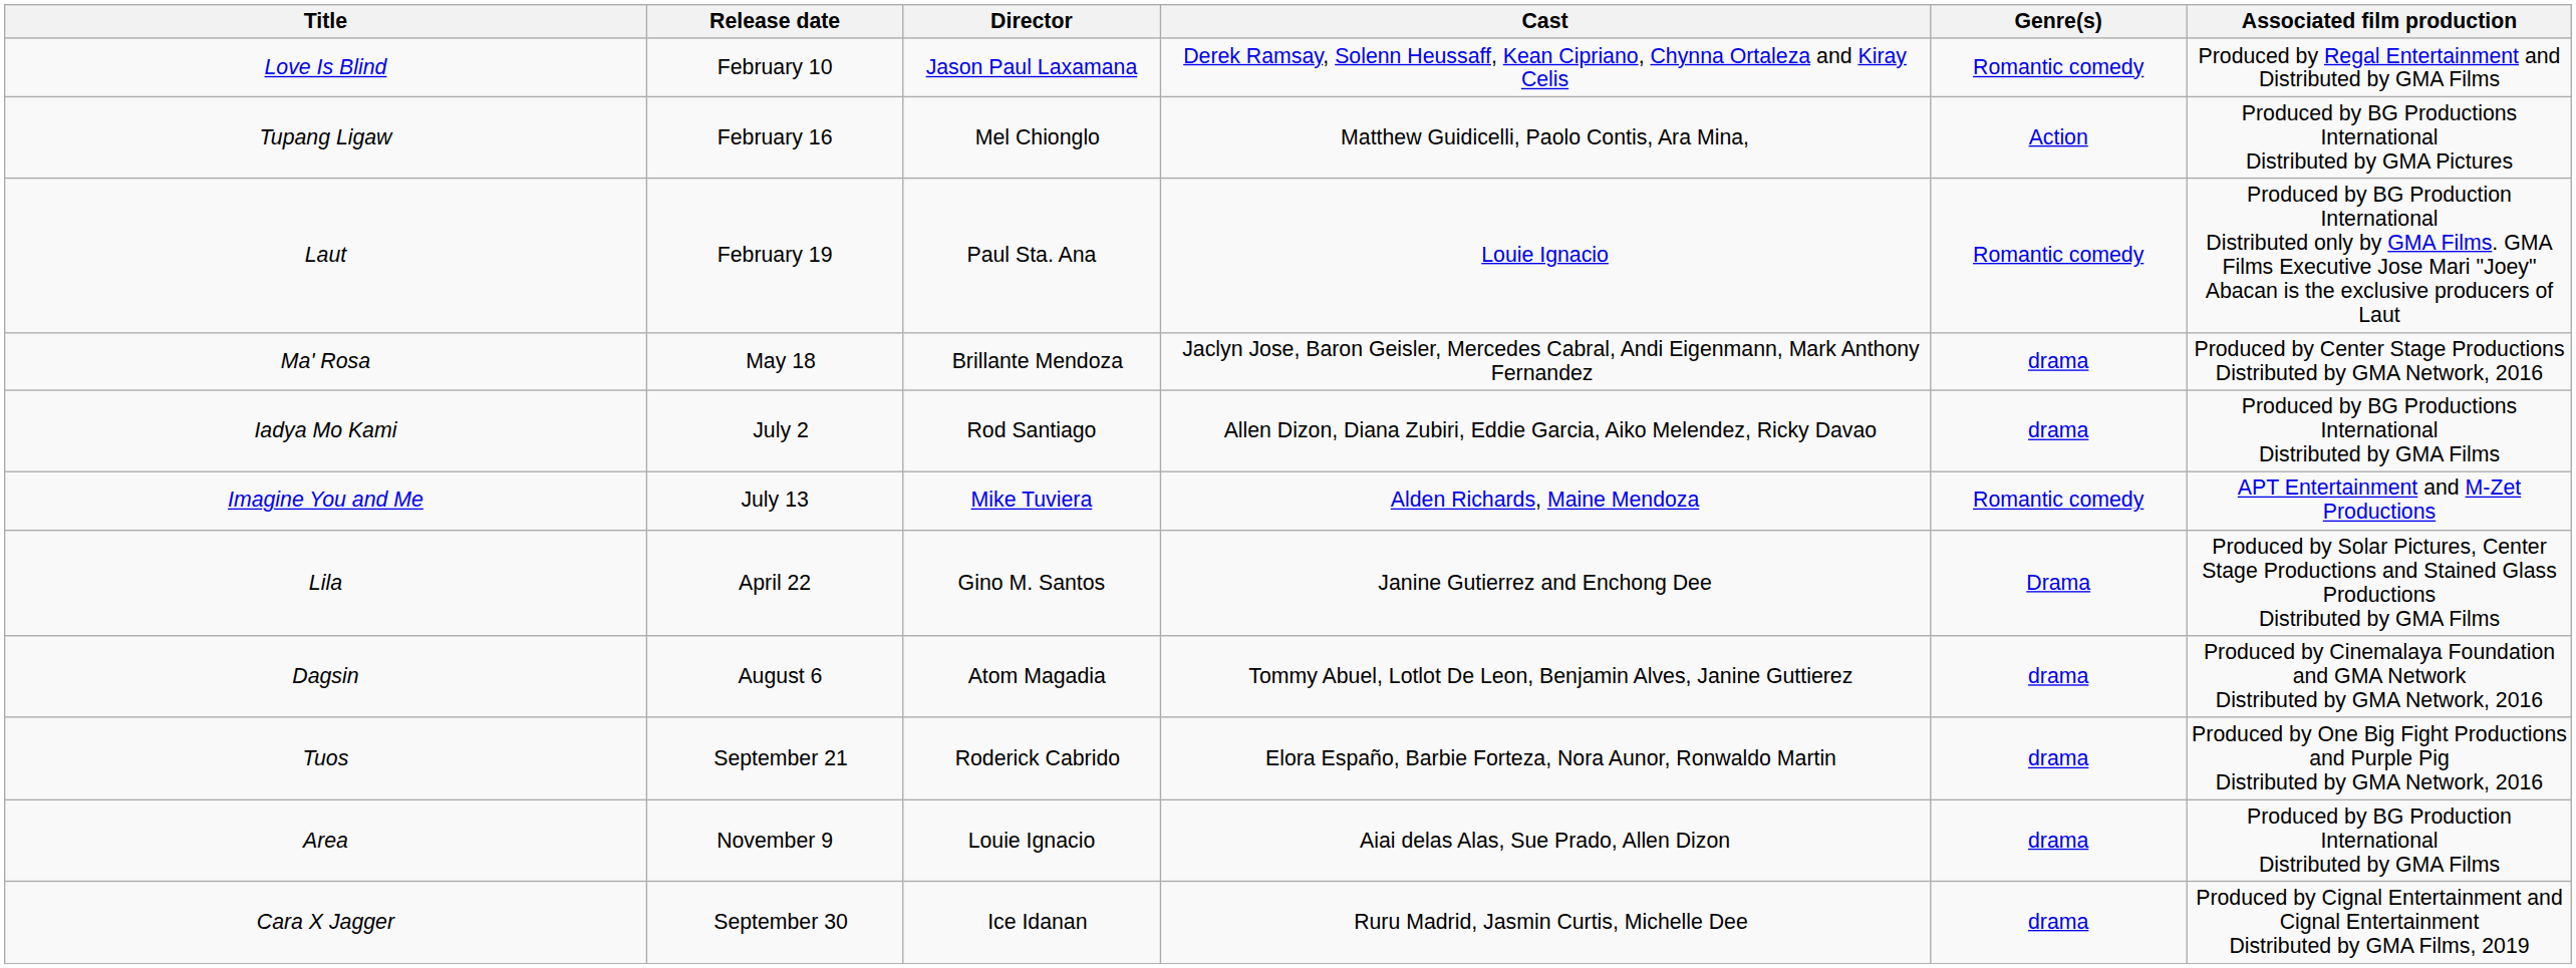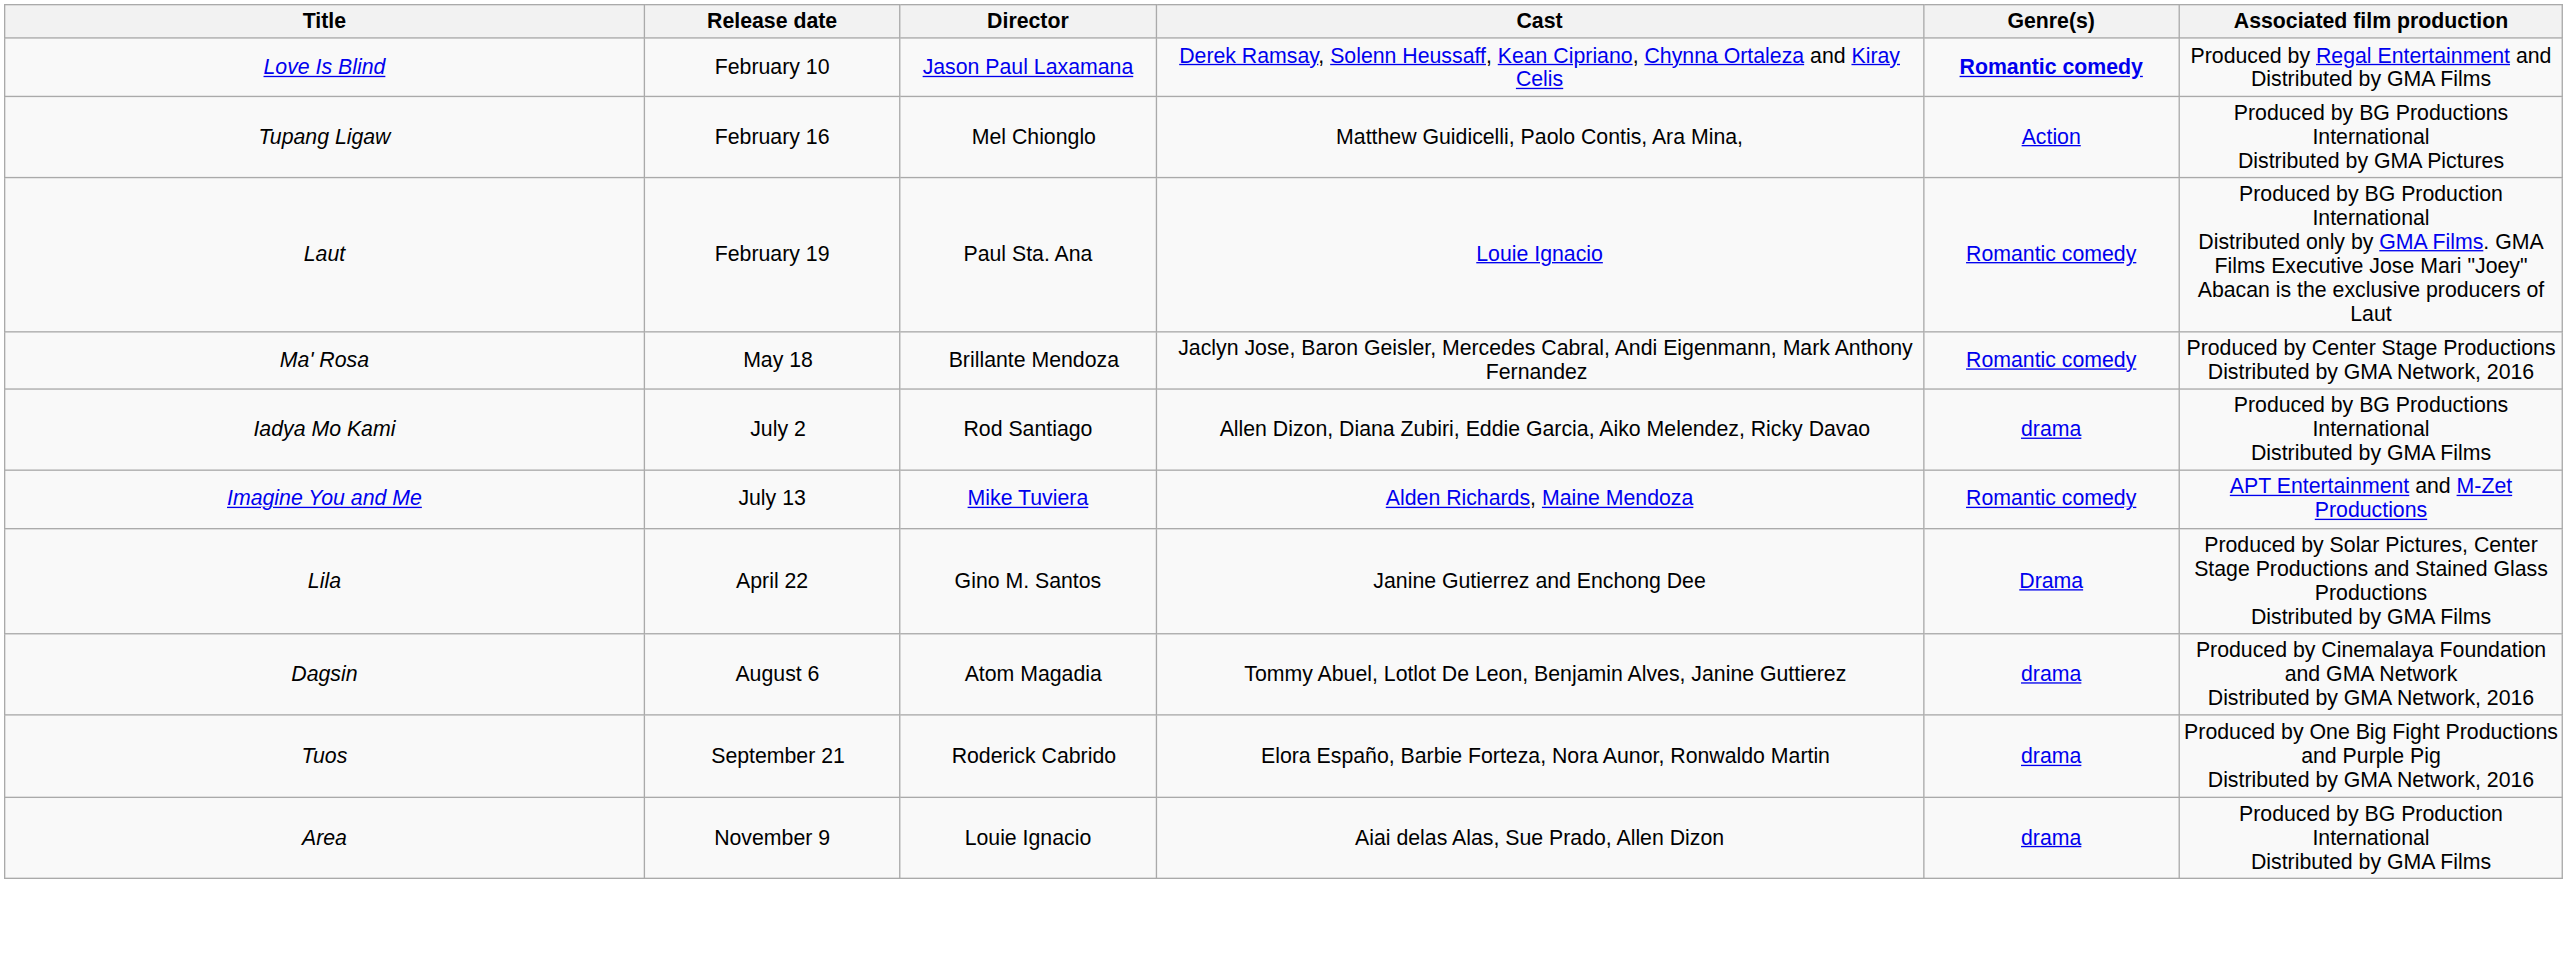 <table class="wikitable" "toccolours sortable" style="width:97%; text-align:center">
 <tr>
 <th style="width:25%;">Title</th>
 <th style="width:10%;">Release date</th>
 <th style="width:10%;">Director</th>
 <th style="width:30%;">Cast</th>
 <th style="width:10%;">Genre(s)</th>
 <th style="width:15%;">Associated film production</th>
 </tr>
 <tr>
 <td><em><a href='#'>Love Is Blind</a></em></td>
 <td>February 10</td>
 <td><a href='#'>Jason Paul Laxamana</a></td>
 <td><a href='#'>Derek Ramsay</a>, <a href='#'>Solenn Heussaff</a>, <a href='#'>Kean Cipriano</a>, <a href='#'>Chynna Ortaleza</a> and <a href='#'>Kiray Celis</a></td>
-<td><a href='#'>Romantic comedy</a></td>
+<td><strong><a href='#'>Romantic comedy</a></strong></td>
 <td>Produced by <a href='#'>Regal Entertainment</a> and Distributed by GMA Films</td>
 </tr>
 <tr>
 <td><em>Tupang Ligaw</em></td>
 <td>February 16</td>
 <td>  Mel Chionglo</td>
 <td>Matthew Guidicelli, Paolo Contis, Ara Mina,</td>
 <td><a href='#'>Action</a></td>
 <td>Produced by BG Productions International<br>Distributed by GMA Pictures </td>
 </tr>
 <tr>
 <td><em>Laut</em></td>
 <td>February 19</td>
 <td>Paul Sta. Ana</td>
 <td><a href='#'>Louie Ignacio</a></td>
 <td><a href='#'>Romantic comedy</a></td>
 <td>Produced by BG Production International<br>Distributed only by <a href='#'>GMA Films</a>. GMA Films Executive Jose Mari "Joey" Abacan is the exclusive producers of Laut</td>
 </tr>
 <tr>
 <td><em>Ma' Rosa </em></td>
 <td>  May 18</td>
 <td>  Brillante Mendoza</td>
 <td>  Jaclyn Jose, Baron Geisler, Mercedes Cabral, Andi Eigenmann, Mark Anthony Fernandez </td>
-<td><a href='#'>drama</a></td>
+<td><a href='#'>Romantic comedy</a></td>
 <td>Produced by Center Stage Productions<br>Distributed by GMA Network, 2016 </td>
 </tr>
 <tr>
 <td><em>Iadya Mo Kami</em></td>
 <td>  July 2</td>
 <td>Rod Santiago</td>
 <td>  Allen Dizon, Diana Zubiri, Eddie Garcia, Aiko Melendez, Ricky Davao</td>
 <td><a href='#'>drama</a></td>
 <td>Produced by BG Productions International<br>Distributed by GMA Films  </td>
 </tr>
 <tr>
 <td><em><a href='#'>Imagine You and Me</a></em></td>
 <td>July 13</td>
 <td><a href='#'>Mike Tuviera</a></td>
 <td><a href='#'>Alden Richards</a>, <a href='#'>Maine Mendoza</a></td>
 <td><a href='#'>Romantic comedy</a></td>
 <td><a href='#'>APT Entertainment</a> and <a href='#'>M-Zet Productions</a></td>
 </tr>
 <tr>
 <td><em>Lila</em></td>
 <td>April 22</td>
 <td>Gino M. Santos</td>
 <td>Janine Gutierrez and Enchong Dee</td>
 <td><a href='#'>Drama</a></td>
 <td>Produced by Solar Pictures, Center Stage Productions and Stained Glass Productions<br>Distributed by GMA Films </td>
 </tr>
 <tr>
 <td><em>Dagsin</em></td>
 <td>  August 6</td>
 <td>  Atom Magadia</td>
 <td>  Tommy Abuel, Lotlot De Leon, Benjamin Alves, Janine Guttierez</td>
 <td><a href='#'>drama</a></td>
 <td>Produced by Cinemalaya Foundation and GMA Network<br>Distributed by GMA Network, 2016 </td>
 </tr>
 <tr>
 <td><em>Tuos</em></td>
 <td>  September 21</td>
 <td>  Roderick Cabrido</td>
 <td>  Elora Españo, Barbie Forteza, Nora Aunor, Ronwaldo Martin</td>
 <td><a href='#'>drama</a></td>
 <td>Produced by One Big Fight Productions and Purple Pig<br>Distributed by GMA Network, 2016 </td>
 </tr>
 <tr>
 <td><em>Area</em></td>
 <td>November 9</td>
 <td>Louie Ignacio</td>
 <td>Aiai delas Alas, Sue Prado, Allen Dizon</td>
 <td><a href='#'>drama</a></td>
 <td>Produced by BG Production International<br>Distributed by GMA Films </td>
 </tr>
 <tr>
-<td><em>Cara X Jagger</em></td>
-<td>  September 30</td>
-<td>  Ice Idanan</td>
-<td>  Ruru Madrid, Jasmin Curtis, Michelle Dee</td>
-<td><a href='#'>drama</a></td>
-<td>Produced by Cignal Entertainment and Cignal Entertainment<br>Distributed by GMA Films, 2019  </td>
-</tr>
-<tr>
 </tr>
 </table>
